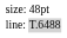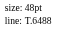 <table style="margin-left:40px;">
 <tr>
 <td>size:</td>
 <td>48pt</td>
 </tr>
 <tr>
 <td>line:</td>
-<td style="background: lightgrey;">T.6488</td>
+<td>T.6488</td>
 </tr>
 </table>
